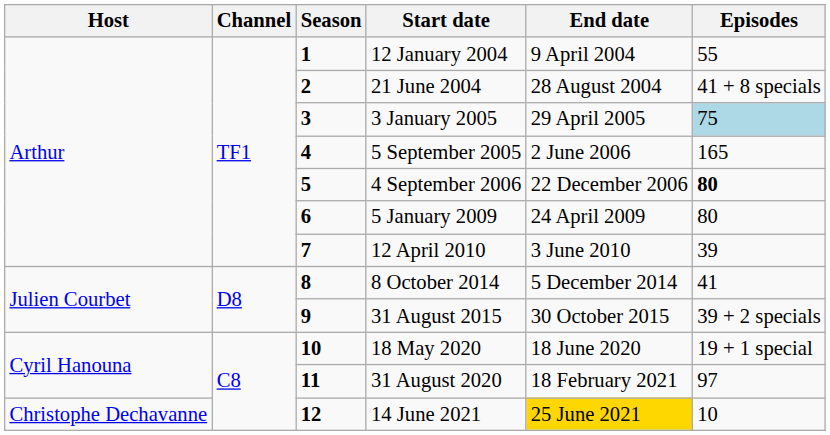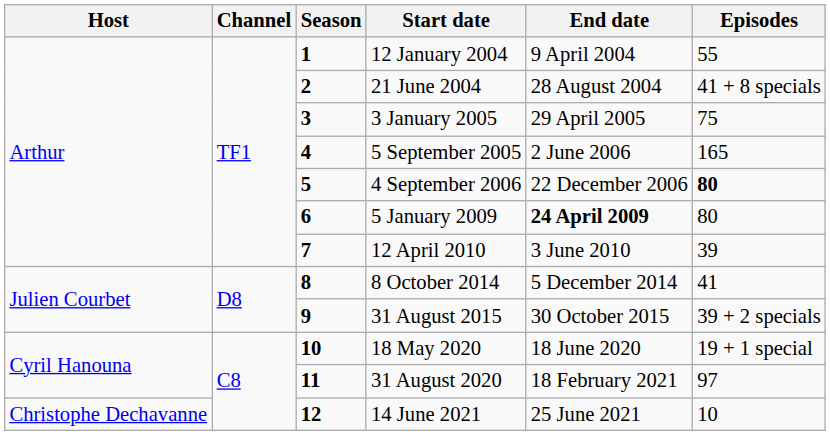 <table class="wikitable">
 <tr>
 <th>Host</th>
 <th>Channel</th>
 <th>Season</th>
 <th>Start date</th>
 <th>End date</th>
 <th>Episodes</th>
 </tr>
 <tr>
 <td rowspan="7"><a href='#'>Arthur</a></td>
 <td rowspan="7"><a href='#'>TF1</a></td>
 <td><strong>1</strong></td>
 <td>12 January 2004</td>
 <td>9 April 2004</td>
 <td>55</td>
 </tr>
 <tr>
 <td><strong>2</strong></td>
 <td>21 June 2004</td>
 <td>28 August 2004</td>
 <td>41 + 8 specials</td>
 </tr>
 <tr>
 <td><strong>3</strong></td>
 <td>3 January 2005</td>
 <td>29 April 2005</td>
-<td style="background: lightblue;">75</td>
+<td>75</td>
 </tr>
 <tr>
 <td><strong>4</strong></td>
 <td>5 September 2005</td>
 <td>2 June 2006</td>
 <td>165</td>
 </tr>
 <tr>
 <td><strong>5</strong></td>
 <td>4 September 2006</td>
 <td>22 December 2006</td>
 <td><strong>80</strong></td>
 </tr>
 <tr>
 <td><strong>6</strong></td>
 <td>5 January 2009</td>
-<td>24 April 2009</td>
+<td><strong>24 April 2009</strong></td>
 <td>80</td>
 </tr>
 <tr>
 <td><strong>7</strong></td>
 <td>12 April 2010</td>
 <td>3 June 2010</td>
 <td>39</td>
 </tr>
 <tr>
 <td rowspan="2"><a href='#'>Julien Courbet</a></td>
 <td rowspan="2"><a href='#'>D8</a></td>
 <td><strong>8</strong></td>
 <td>8 October 2014</td>
 <td>5 December 2014</td>
 <td>41</td>
 </tr>
 <tr>
 <td><strong>9</strong></td>
 <td>31 August 2015</td>
 <td>30 October 2015</td>
 <td>39 + 2 specials</td>
 </tr>
 <tr>
 <td rowspan="2"><a href='#'>Cyril Hanouna</a></td>
 <td rowspan="3"><a href='#'>C8</a></td>
 <td><strong>10</strong></td>
 <td>18 May 2020</td>
 <td>18 June 2020</td>
 <td>19 + 1 special</td>
 </tr>
 <tr>
 <td><strong>11</strong></td>
 <td>31 August 2020</td>
 <td>18 February 2021</td>
 <td>97</td>
 </tr>
 <tr>
 <td><a href='#'>Christophe Dechavanne</a></td>
 <td><strong>12</strong></td>
 <td>14 June 2021</td>
-<td style="background: gold;">25 June 2021</td>
+<td>25 June 2021</td>
 <td>10</td>
 </tr>
 </table>
